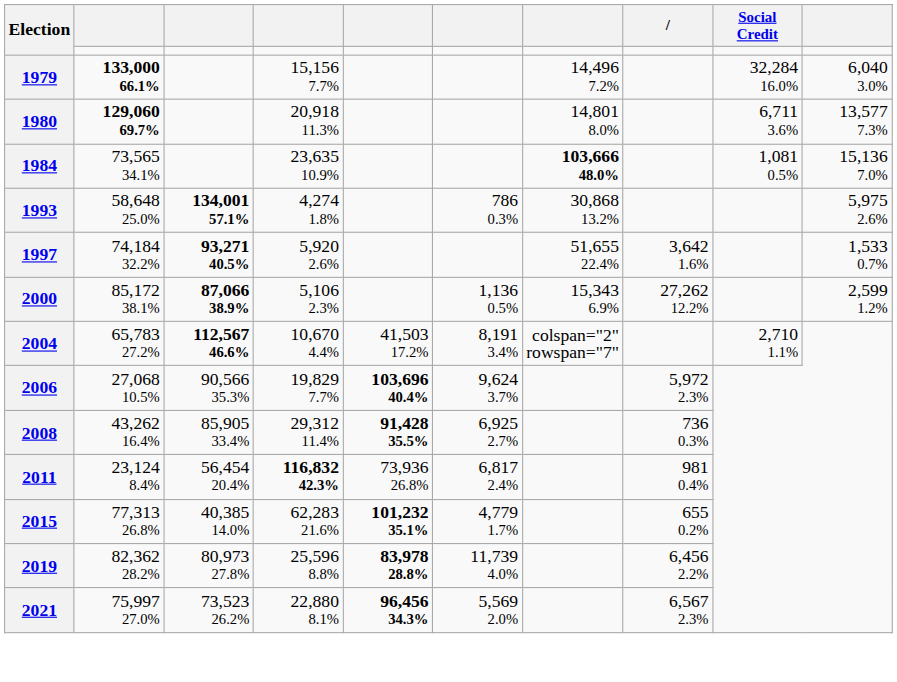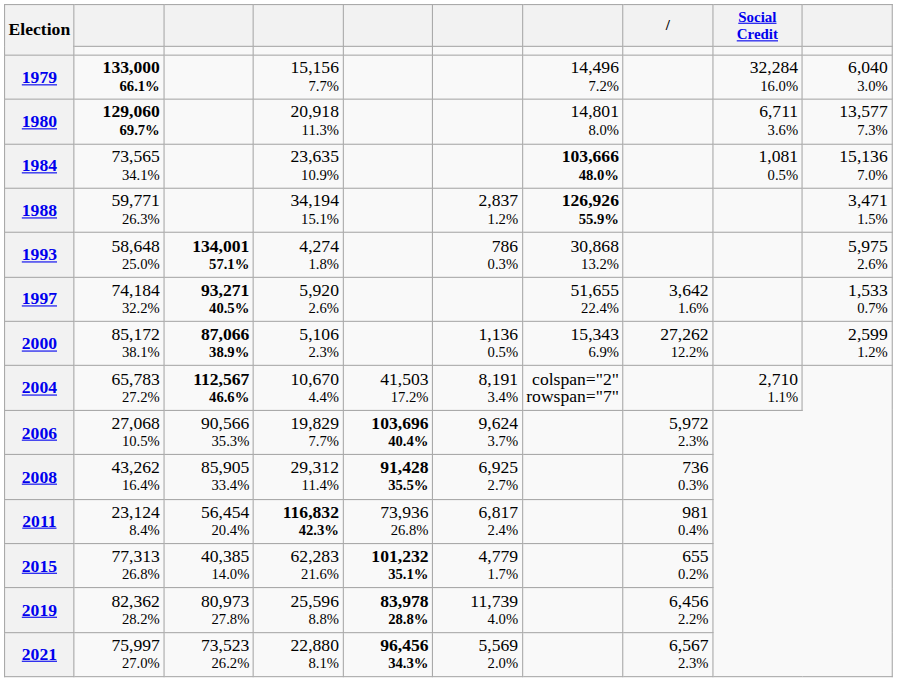 <table class="wikitable" style="text-align:right; line-height:16px">
 <tr>
 <th rowspan="2">Election</th>
 <th width="75" style="font-size:85%"></th>
 <th width="75" style="font-size:85%"></th>
 <th width="75" style="font-size:85%"></th>
 <th width="75" style="font-size:85%"></th>
 <th width="75" style="font-size:85%"></th>
 <th width="75" style="font-size:85%"></th>
 <th width="75" style="font-size:85%"> /<br></th>
 <th width="75" style="font-size:85%"><a href='#'>Social<br>Credit</a></th>
 <th width="75" style="font-size:85%"></th>
 </tr>
 <tr>
 <td></td>
 <td></td>
 <td></td>
 <td></td>
 <td></td>
 <td></td>
 <td></td>
 <td></td>
 <td></td>
 </tr>
 <tr>
 <th scope="row"><a href='#'>1979</a></th>
 <td><strong>133,000<br><small>66.1%</small></strong></td>
 <td></td>
 <td>15,156<br><small>7.7%</small></td>
 <td></td>
 <td></td>
 <td>14,496<br><small>7.2%</small></td>
 <td></td>
 <td>32,284<br><small>16.0%</small></td>
 <td>6,040<br><small>3.0%</small></td>
 </tr>
 <tr>
 <th scope="row"><a href='#'>1980</a></th>
 <td><strong>129,060<br><small>69.7%</small></strong></td>
 <td></td>
 <td>20,918<br><small>11.3%</small></td>
 <td></td>
 <td></td>
 <td>14,801<br><small>8.0%</small></td>
 <td></td>
 <td>6,711<br><small>3.6%</small></td>
 <td>13,577<br><small>7.3%</small></td>
 </tr>
 <tr>
 <th scope="row"><a href='#'>1984</a></th>
 <td>73,565<br><small>34.1%</small></td>
 <td></td>
 <td>23,635<br><small>10.9%</small></td>
 <td></td>
 <td></td>
 <td><strong>103,666<br><small>48.0%</small></strong></td>
 <td></td>
 <td>1,081<br><small>0.5%</small></td>
 <td>15,136<br><small>7.0%</small></td>
+</tr>
+<tr>
+<th scope="row"><a href='#'>1988</a></th>
+<td>59,771<br><small>26.3%</small></td>
+<td></td>
+<td>34,194<br><small>15.1%</small></td>
+<td></td>
+<td>2,837<br><small>1.2%</small></td>
+<td><strong>126,926<br><small>55.9%</small></strong></td>
+<td></td>
+<td></td>
+<td>3,471<br><small>1.5%</small></td>
 </tr>
 <tr>
 <th scope="row"><a href='#'>1993</a></th>
 <td>58,648<br><small>25.0%</small></td>
 <td><strong>134,001<br><small>57.1%</small></strong></td>
 <td>4,274<br><small>1.8%</small></td>
 <td></td>
 <td>786<br><small>0.3%</small></td>
 <td>30,868<br><small>13.2%</small></td>
 <td></td>
 <td></td>
 <td>5,975<br><small>2.6%</small></td>
 </tr>
 <tr>
 <th scope="row"><a href='#'>1997</a></th>
 <td>74,184<br><small>32.2%</small></td>
 <td><strong>93,271<br><small>40.5%</small></strong></td>
 <td>5,920<br><small>2.6%</small></td>
 <td></td>
 <td></td>
 <td>51,655<br><small>22.4%</small></td>
 <td>3,642<br><small>1.6%</small></td>
 <td></td>
 <td>1,533<br><small>0.7%</small></td>
 </tr>
 <tr>
 <th scope="row"><a href='#'>2000</a></th>
 <td>85,172<br><small>38.1%</small></td>
 <td><strong>87,066<br><small>38.9%</small></strong></td>
 <td>5,106<br><small>2.3%</small></td>
 <td></td>
 <td>1,136<br><small>0.5%</small></td>
 <td>15,343<br><small>6.9%</small></td>
 <td>27,262<br><small>12.2%</small></td>
 <td></td>
 <td>2,599<br><small>1.2%</small></td>
 </tr>
 <tr>
 <th scope="row"><a href='#'>2004</a></th>
 <td>65,783<br><small>27.2%</small></td>
 <td><strong>112,567<br><small>46.6%</small></strong></td>
 <td>10,670<br><small>4.4%</small></td>
 <td>41,503<br><small>17.2%</small></td>
 <td>8,191<br><small>3.4%</small></td>
 <td>colspan="2" rowspan="7" </td>
 <td></td>
 <td>2,710<br><small>1.1%</small></td>
 </tr>
 <tr>
 <th scope="row"><a href='#'>2006</a></th>
 <td>27,068<br><small>10.5%</small></td>
 <td>90,566<br><small>35.3%</small></td>
 <td>19,829<br><small>7.7%</small></td>
 <td><strong>103,696<br><small>40.4%</small></strong></td>
 <td>9,624<br><small>3.7%</small></td>
 <td></td>
 <td>5,972<br><small>2.3%</small></td>
 </tr>
 <tr>
 <th scope="row"><a href='#'>2008</a></th>
 <td>43,262<br><small>16.4%</small></td>
 <td>85,905<br><small>33.4%</small></td>
 <td>29,312<br><small>11.4%</small></td>
 <td><strong>91,428<br><small>35.5%</small></strong></td>
 <td>6,925<br><small>2.7%</small></td>
 <td></td>
 <td>736<br><small>0.3%</small></td>
 </tr>
 <tr>
 <th scope="row"><a href='#'>2011</a></th>
 <td>23,124<br><small>8.4%</small></td>
 <td>56,454<br><small>20.4%</small></td>
 <td><strong>116,832<br><small>42.3%</small></strong></td>
 <td>73,936<br><small>26.8%</small></td>
 <td>6,817<br><small>2.4%</small></td>
 <td></td>
 <td>981<br><small>0.4%</small></td>
 </tr>
 <tr>
 <th scope="row"><a href='#'>2015</a></th>
 <td>77,313<br><small>26.8%</small></td>
 <td>40,385<br><small>14.0%</small></td>
 <td>62,283<br><small>21.6%</small></td>
 <td><strong>101,232<br><small>35.1%</small></strong></td>
 <td>4,779<br><small>1.7%</small></td>
 <td></td>
 <td>655<br><small>0.2%</small></td>
 </tr>
 <tr>
 <th scope="row"><a href='#'>2019</a></th>
 <td>82,362<br><small>28.2%</small></td>
 <td>80,973<br><small>27.8%</small></td>
 <td>25,596<br><small>8.8%</small></td>
 <td><strong>83,978<br><small>28.8%</small></strong></td>
 <td>11,739<br><small>4.0%</small></td>
 <td></td>
 <td>6,456<br><small>2.2%</small></td>
 </tr>
 <tr>
 <th scope="row"><a href='#'>2021</a></th>
 <td>75,997<br><small>27.0%</small></td>
 <td>73,523<br><small>26.2%</small></td>
 <td>22,880<br><small>8.1%</small></td>
 <td><strong>96,456<br><small>34.3%</small></strong></td>
 <td>5,569<br><small>2.0%</small></td>
 <td></td>
 <td>6,567<br><small>2.3%</small></td>
 </tr>
 </table>
